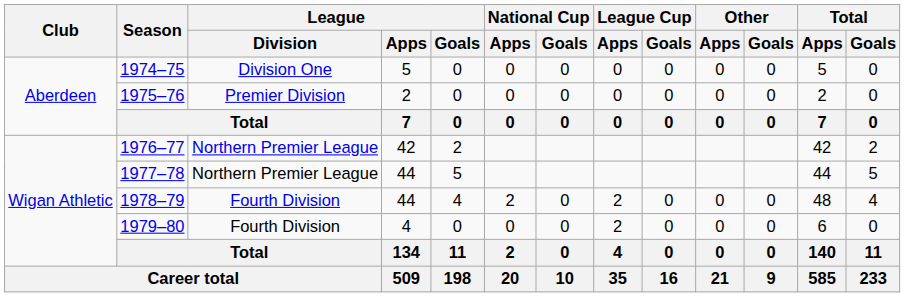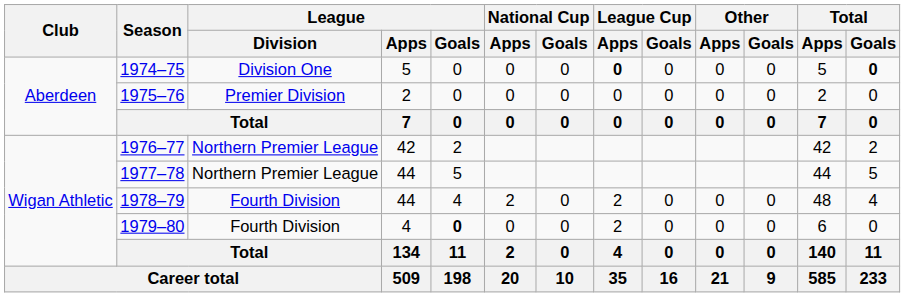 <table class=wikitable style=text-align:center>
 <tr>
 <th rowspan=2>Club</th>
 <th rowspan=2>Season</th>
 <th colspan=3>League</th>
 <th colspan=2>National Cup</th>
 <th colspan=2>League Cup</th>
 <th colspan=2>Other</th>
 <th colspan=2>Total</th>
 </tr>
 <tr>
 <th>Division</th>
 <th>Apps</th>
 <th>Goals</th>
 <th>Apps</th>
 <th>Goals</th>
 <th>Apps</th>
 <th>Goals</th>
 <th>Apps</th>
 <th>Goals</th>
 <th>Apps</th>
 <th>Goals</th>
 </tr>
 <tr>
 <td rowspan=3><a href='#'>Aberdeen</a></td>
 <td><a href='#'>1974–75</a></td>
 <td><a href='#'>Division One</a></td>
 <td>5</td>
 <td>0</td>
 <td>0</td>
 <td>0</td>
-<td>0</td>
+<td><strong>0</strong></td>
 <td>0</td>
 <td>0</td>
 <td>0</td>
 <td>5</td>
-<td>0</td>
+<td><strong>0</strong></td>
 </tr>
 <tr>
 <td><a href='#'>1975–76</a></td>
 <td><a href='#'>Premier Division</a></td>
 <td>2</td>
 <td>0</td>
 <td>0</td>
 <td>0</td>
 <td>0</td>
 <td>0</td>
 <td>0</td>
 <td>0</td>
 <td>2</td>
 <td>0</td>
 </tr>
 <tr>
 <th colspan=2>Total</th>
 <th>7</th>
 <th>0</th>
 <th>0</th>
 <th>0</th>
 <th>0</th>
 <th>0</th>
 <th>0</th>
 <th>0</th>
 <th>7</th>
 <th>0</th>
 </tr>
 <tr>
 <td rowspan=5><a href='#'>Wigan Athletic</a></td>
 <td><a href='#'>1976–77</a></td>
 <td><a href='#'>Northern Premier League</a></td>
 <td>42</td>
 <td>2</td>
 <td></td>
 <td></td>
 <td></td>
 <td></td>
 <td></td>
 <td></td>
 <td>42</td>
 <td>2</td>
 </tr>
 <tr>
 <td><a href='#'>1977–78</a></td>
 <td>Northern Premier League</td>
 <td>44</td>
 <td>5</td>
 <td></td>
 <td></td>
 <td></td>
 <td></td>
 <td></td>
 <td></td>
 <td>44</td>
 <td>5</td>
 </tr>
 <tr>
 <td><a href='#'>1978–79</a></td>
 <td><a href='#'>Fourth Division</a></td>
 <td>44</td>
 <td>4</td>
 <td>2</td>
 <td>0</td>
 <td>2</td>
 <td>0</td>
 <td>0</td>
 <td>0</td>
 <td>48</td>
 <td>4</td>
 </tr>
 <tr>
 <td><a href='#'>1979–80</a></td>
 <td>Fourth Division</td>
 <td>4</td>
-<td>0</td>
+<td><strong>0</strong></td>
 <td>0</td>
 <td>0</td>
 <td>2</td>
 <td>0</td>
 <td>0</td>
 <td>0</td>
 <td>6</td>
 <td>0</td>
 </tr>
 <tr>
 <th colspan=2>Total</th>
 <th>134</th>
 <th>11</th>
 <th>2</th>
 <th>0</th>
 <th>4</th>
 <th>0</th>
 <th>0</th>
 <th>0</th>
 <th>140</th>
 <th>11</th>
 </tr>
 <tr>
 <th colspan=3>Career total</th>
 <th>509</th>
 <th>198</th>
 <th>20</th>
 <th>10</th>
 <th>35</th>
 <th>16</th>
 <th>21</th>
 <th>9</th>
 <th>585</th>
 <th>233</th>
 </tr>
 </table>
